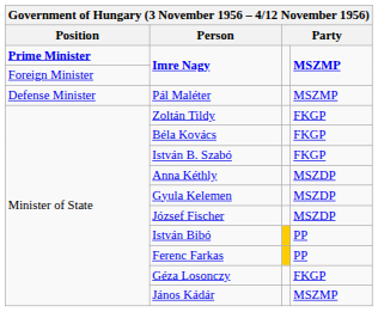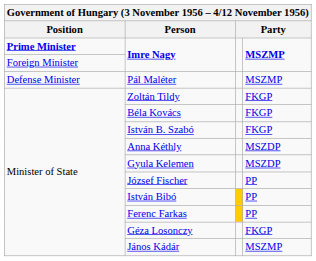 <table class=wikitable style="text-align:left">
 <tr>
 <th colspan=4>Government of Hungary (3 November 1956 – 4/12 November 1956)</th>
 </tr>
 <tr>
 <th>Position</th>
 <th>Person</th>
 <th colspan=2>Party</th>
 </tr>
 <tr>
 <td><strong><a href='#'>Prime Minister</a></strong></td>
 <td rowspan=2><strong><a href='#'>Imre Nagy</a></strong></td>
 <td rowspan=2 style="background:"></td>
 <td rowspan=2><strong><a href='#'>MSZMP</a></strong></td>
 </tr>
 <tr>
 <td><a href='#'>Foreign Minister</a></td>
 </tr>
 <tr>
 <td><a href='#'>Defense Minister</a></td>
 <td><a href='#'>Pál Maléter</a></td>
 <td style="background:"></td>
 <td><a href='#'>MSZMP</a></td>
 </tr>
 <tr>
 <td rowspan=10>Minister of State</td>
 <td><a href='#'>Zoltán Tildy</a></td>
 <td style="background:"></td>
 <td><a href='#'>FKGP</a></td>
 </tr>
 <tr>
 <td><a href='#'>Béla Kovács</a></td>
 <td style="background:"></td>
 <td><a href='#'>FKGP</a></td>
 </tr>
 <tr>
 <td><a href='#'>István B. Szabó</a></td>
 <td style="background:"></td>
 <td><a href='#'>FKGP</a></td>
 </tr>
 <tr>
 <td><a href='#'>Anna Kéthly</a></td>
 <td style="background:"></td>
 <td><a href='#'>MSZDP</a></td>
 </tr>
 <tr>
 <td><a href='#'>Gyula Kelemen</a></td>
 <td style="background:"></td>
 <td><a href='#'>MSZDP</a></td>
 </tr>
 <tr>
 <td><a href='#'>József Fischer</a></td>
 <td style="background:"></td>
-<td><a href='#'>MSZDP</a></td>
+<td><a href='#'>PP</a></td>
 </tr>
 <tr>
 <td><a href='#'>István Bibó</a></td>
 <td style="background:#FFCC00"></td>
 <td><a href='#'>PP</a></td>
 </tr>
 <tr>
 <td><a href='#'>Ferenc Farkas</a></td>
 <td style="background:#FFCC00"></td>
 <td><a href='#'>PP</a></td>
 </tr>
 <tr>
 <td><a href='#'>Géza Losonczy</a></td>
 <td style="background:"></td>
 <td><a href='#'>FKGP</a></td>
 </tr>
 <tr>
 <td><a href='#'>János Kádár</a></td>
 <td style="background:"></td>
 <td><a href='#'>MSZMP</a></td>
 </tr>
 </table>
